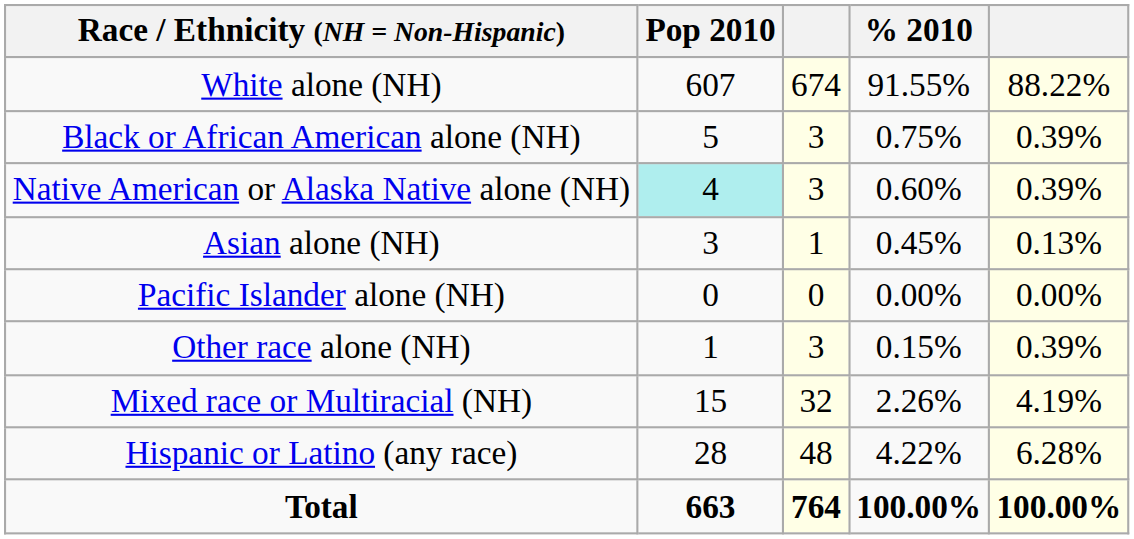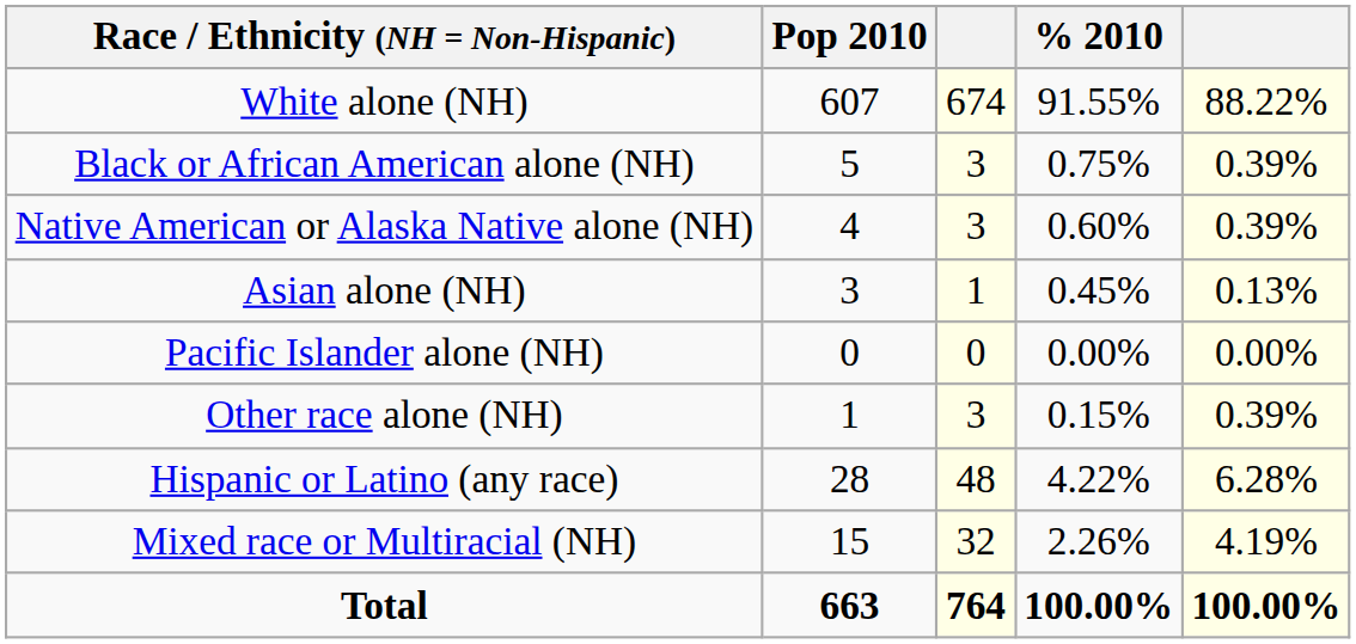 <table class="wikitable" style="text-align:center;">
 <tr>
 <th>Race / Ethnicity <small>(<em>NH = Non-Hispanic</em>)</small></th>
 <th>Pop 2010</th>
 <th></th>
 <th>% 2010</th>
 <th></th>
 </tr>
 <tr>
 <td><a href='#'>White</a> alone (NH)</td>
 <td>607</td>
 <td style='background: #ffffe6;'>674</td>
 <td>91.55%</td>
 <td style='background: #ffffe6;'>88.22%</td>
 </tr>
 <tr>
 <td><a href='#'>Black or African American</a> alone (NH)</td>
 <td>5</td>
 <td style='background: #ffffe6;'>3</td>
 <td>0.75%</td>
 <td style='background: #ffffe6;'>0.39%</td>
 </tr>
 <tr>
 <td><a href='#'>Native American</a> or <a href='#'>Alaska Native</a> alone (NH)</td>
-<td style="background: paleturquoise;">4</td>
+<td>4</td>
 <td style='background: #ffffe6;'>3</td>
 <td>0.60%</td>
 <td style='background: #ffffe6;'>0.39%</td>
 </tr>
 <tr>
 <td><a href='#'>Asian</a> alone (NH)</td>
 <td>3</td>
 <td style='background: #ffffe6;'>1</td>
 <td>0.45%</td>
 <td style='background: #ffffe6;'>0.13%</td>
 </tr>
 <tr>
 <td><a href='#'>Pacific Islander</a> alone (NH)</td>
 <td>0</td>
 <td style='background: #ffffe6;'>0</td>
 <td>0.00%</td>
 <td style='background: #ffffe6;'>0.00%</td>
 </tr>
 <tr>
 <td><a href='#'>Other race</a> alone (NH)</td>
 <td>1</td>
 <td style='background: #ffffe6;'>3</td>
 <td>0.15%</td>
 <td style='background: #ffffe6;'>0.39%</td>
 </tr>
 <tr>
+<td><a href='#'>Hispanic or Latino</a> (any race)</td>
+<td>28</td>
+<td style='background: #ffffe6;'>48</td>
+<td>4.22%</td>
+<td style='background: #ffffe6;'>6.28%</td>
+</tr>
+<tr>
 <td><a href='#'>Mixed race or Multiracial</a> (NH)</td>
 <td>15</td>
 <td style='background: #ffffe6;'>32</td>
 <td>2.26%</td>
 <td style='background: #ffffe6;'>4.19%</td>
-</tr>
-<tr>
-<td><a href='#'>Hispanic or Latino</a> (any race)</td>
-<td>28</td>
-<td style='background: #ffffe6;'>48</td>
-<td>4.22%</td>
-<td style='background: #ffffe6;'>6.28%</td>
 </tr>
 <tr>
 <td><strong>Total</strong></td>
 <td><strong>663</strong></td>
 <td style='background: #ffffe6;'><strong>764</strong></td>
 <td><strong>100.00%</strong></td>
 <td style='background: #ffffe6;'><strong>100.00%</strong></td>
 </tr>
 </table>
